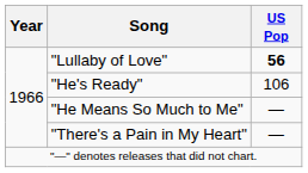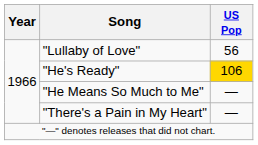 <table class="wikitable">
 <tr>
 <th>Year</th>
 <th>Song</th>
 <th style="width:45px;"><small><a href='#'>US Pop</a></small><br></th>
 </tr>
 <tr>
 <td rowspan="4">1966</td>
 <td>"Lullaby of Love"</td>
-<td align=center><strong>56</strong></td>
+<td align=center>56</td>
 </tr>
 <tr>
 <td>"He's Ready"</td>
-<td align=center>106</td>
+<td align=center style="background: gold;">106</td>
 </tr>
 <tr>
 <td>"He Means So Much to Me"</td>
 <td align=center>—</td>
 </tr>
 <tr>
 <td>"There's a Pain in My Heart"</td>
 <td align=center>—</td>
 </tr>
 <tr>
 <td colspan="6" style="text-align:center; font-size:9pt;">"—" denotes releases that did not chart.</td>
 </tr>
 </table>
